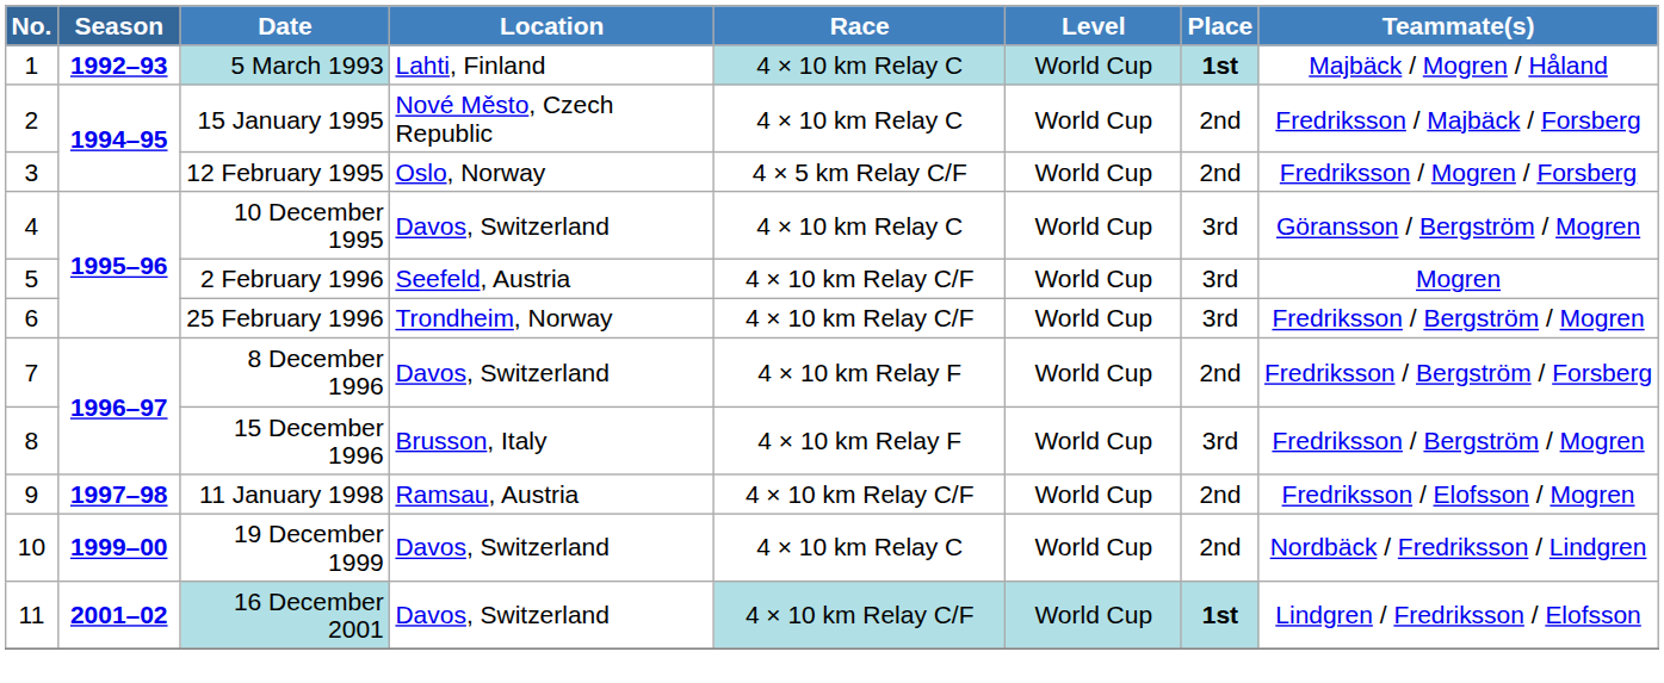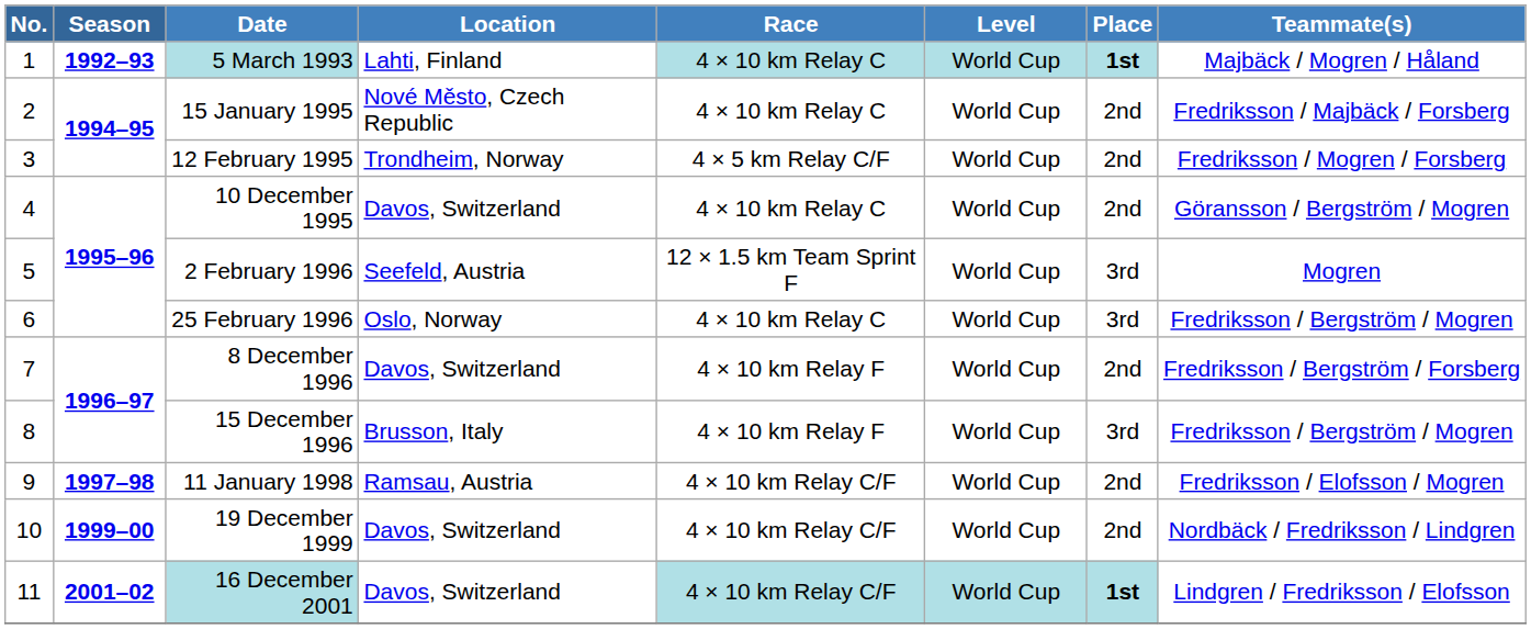 <table class="wikitable sortable" style="font-size:95%; text-align:center; border:grey solid 1px; border-collapse:collapse; background:#ffffff;">
 <tr style="background:#efefef;">
 <th style="background-color:#369; color:white;">No.</th>
 <th style="background-color:#369; color:white;">Season</th>
 <th style="background-color:#4180be; color:white; width:120px;">Date</th>
 <th style="background-color:#4180be; color:white; width:190px;">Location</th>
 <th style="background-color:#4180be; color:white; width:170px;">Race</th>
 <th style="background-color:#4180be; color:white; width:100px;">Level</th>
 <th style="background-color:#4180be; color:white;">Place</th>
 <th style="background-color:#4180be; color:white;">Teammate(s)</th>
 </tr>
 <tr>
 <td align=center>1</td>
 <td rowspan=1 align=center><strong><a href='#'>1992–93</a></strong></td>
 <td bgcolor="#BOEOE6" align=right>5 March 1993</td>
 <td align=left> <a href='#'>Lahti</a>, Finland</td>
 <td bgcolor="#BOEOE6">4 × 10 km Relay C</td>
 <td bgcolor="#BOEOE6">World Cup</td>
 <td bgcolor="#BOEOE6"><strong>1st</strong></td>
 <td><a href='#'>Majbäck</a> / <a href='#'>Mogren</a> / <a href='#'>Håland</a></td>
 </tr>
 <tr>
 <td align=center>2</td>
 <td rowspan=2 align=center><strong> <a href='#'>1994–95</a> </strong></td>
 <td align=right>15 January 1995</td>
 <td align=left> <a href='#'>Nové Město</a>, Czech Republic</td>
 <td>4 × 10 km Relay C</td>
 <td>World Cup</td>
 <td>2nd</td>
 <td><a href='#'>Fredriksson</a> / <a href='#'>Majbäck</a> / <a href='#'>Forsberg</a></td>
 </tr>
 <tr>
 <td align=center>3</td>
 <td align=right>12 February 1995</td>
-<td align=left> <a href='#'>Oslo</a>, Norway</td>
+<td align=left> <a href='#'>Trondheim</a>, Norway</td>
 <td>4 × 5 km Relay C/F</td>
 <td>World Cup</td>
 <td>2nd</td>
 <td><a href='#'>Fredriksson</a> / <a href='#'>Mogren</a> / <a href='#'>Forsberg</a></td>
 </tr>
 <tr>
 <td align=center>4</td>
 <td rowspan=3 align=center><strong> <a href='#'>1995–96</a> </strong></td>
 <td align=right>10 December 1995</td>
 <td align=left> <a href='#'>Davos</a>, Switzerland</td>
 <td>4 × 10 km Relay C</td>
 <td>World Cup</td>
-<td>3rd</td>
+<td>2nd</td>
 <td><a href='#'>Göransson</a> / <a href='#'>Bergström</a> / <a href='#'>Mogren</a></td>
 </tr>
 <tr>
 <td align=center>5</td>
 <td align=right>2 February 1996</td>
 <td align=left> <a href='#'>Seefeld</a>, Austria</td>
-<td>4 × 10 km Relay C/F</td>
+<td>12 × 1.5 km Team Sprint F</td>
 <td>World Cup</td>
 <td>3rd</td>
 <td><a href='#'>Mogren</a></td>
 </tr>
 <tr>
 <td align=center>6</td>
 <td align=right>25 February 1996</td>
-<td align=left> <a href='#'>Trondheim</a>, Norway</td>
-<td>4 × 10 km Relay C/F</td>
+<td align=left> <a href='#'>Oslo</a>, Norway</td>
+<td>4 × 10 km Relay C</td>
 <td>World Cup</td>
 <td>3rd</td>
 <td><a href='#'>Fredriksson</a> / <a href='#'>Bergström</a> / <a href='#'>Mogren</a></td>
 </tr>
 <tr>
 <td align=center>7</td>
 <td rowspan=2 align=center><strong> <a href='#'>1996–97</a> </strong></td>
 <td align=right>8 December 1996</td>
 <td align=left> <a href='#'>Davos</a>, Switzerland</td>
 <td>4 × 10 km Relay F</td>
 <td>World Cup</td>
 <td>2nd</td>
 <td><a href='#'>Fredriksson</a> / <a href='#'>Bergström</a> / <a href='#'>Forsberg</a></td>
 </tr>
 <tr>
 <td align=center>8</td>
 <td align=right>15 December 1996</td>
 <td align=left> <a href='#'>Brusson</a>, Italy</td>
 <td>4 × 10 km Relay F</td>
 <td>World Cup</td>
 <td>3rd</td>
 <td><a href='#'>Fredriksson</a> / <a href='#'>Bergström</a> / <a href='#'>Mogren</a></td>
 </tr>
 <tr>
 <td align=center>9</td>
 <td rowspan=1 align=center><strong> <a href='#'>1997–98</a> </strong></td>
 <td align=right>11 January 1998</td>
 <td align=left> <a href='#'>Ramsau</a>, Austria</td>
 <td>4 × 10 km Relay C/F</td>
 <td>World Cup</td>
 <td>2nd</td>
 <td><a href='#'>Fredriksson</a> / <a href='#'>Elofsson</a> / <a href='#'>Mogren</a></td>
 </tr>
 <tr>
 <td align=center>10</td>
 <td rowspan=1 align=center><strong> <a href='#'>1999–00</a> </strong></td>
 <td align=right>19 December 1999</td>
 <td align=left> <a href='#'>Davos</a>, Switzerland</td>
-<td>4 × 10 km Relay C</td>
+<td>4 × 10 km Relay C/F</td>
 <td>World Cup</td>
 <td>2nd</td>
 <td><a href='#'>Nordbäck</a> / <a href='#'>Fredriksson</a> / <a href='#'>Lindgren</a></td>
 </tr>
 <tr>
 <td align=center>11</td>
 <td rowspan=1 align=center><strong><a href='#'>2001–02</a></strong></td>
 <td bgcolor="#BOEOE6" align=right>16 December 2001</td>
 <td align=left> <a href='#'>Davos</a>, Switzerland</td>
 <td bgcolor="#BOEOE6">4 × 10 km Relay C/F</td>
 <td bgcolor="#BOEOE6">World Cup</td>
 <td bgcolor="#BOEOE6"><strong>1st</strong></td>
 <td><a href='#'>Lindgren</a> / <a href='#'>Fredriksson</a> / <a href='#'>Elofsson</a></td>
 </tr>
 <tr>
 </tr>
 </table>
